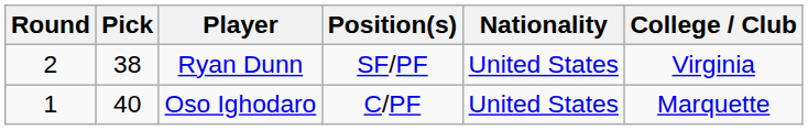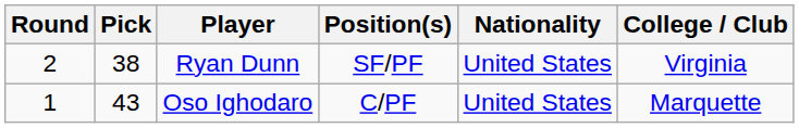 <table class="wikitable sortable sortable">
 <tr>
 <th>Round</th>
 <th>Pick</th>
 <th>Player</th>
 <th>Position(s)</th>
 <th>Nationality</th>
 <th>College / Club</th>
 </tr>
 <tr style="text-align: center">
 <td>2</td>
 <td>38</td>
 <td><a href='#'>Ryan Dunn</a></td>
 <td><a href='#'>SF</a>/<a href='#'>PF</a></td>
 <td> <a href='#'>United States</a></td>
 <td><a href='#'>Virginia</a></td>
 </tr>
 <tr style="text-align: center">
 <td>1</td>
-<td>40</td>
+<td>43</td>
 <td><a href='#'>Oso Ighodaro</a></td>
 <td><a href='#'>C</a>/<a href='#'>PF</a></td>
 <td> <a href='#'>United States</a></td>
 <td><a href='#'>Marquette</a></td>
 </tr>
 </table>
